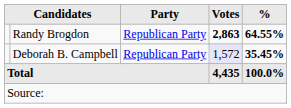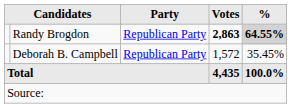 <table class=wikitable style="font-size:95%; text-align:right;">
 <tr>
 <th style="background:#e9e9e9; text-align:center;" colspan="2">Candidates</th>
 <th style="background:#e9e9e9; text-align:center;">Party</th>
 <th style="background:#e9e9e9; text-align:center;">Votes</th>
 <th style="background:#e9e9e9; text-align:center;">%</th>
 </tr>
 <tr>
 <td></td>
 <td align=left>Randy Brogdon</td>
 <td align=center><a href='#'>Republican Party</a></td>
 <td><strong>2,863</strong></td>
-<td><strong>64.55%</strong></td>
+<td style="background: lightgrey;"><strong>64.55%</strong></td>
 </tr>
 <tr>
 <td></td>
 <td align=left>Deborah B. Campbell</td>
 <td align=center><a href='#'>Republican Party</a></td>
-<td style="background: lavender;">1,572</td>
-<td><strong>35.45%</strong></td>
+<td>1,572</td>
+<td>35.45%</td>
 </tr>
 <tr style="background:#e9e9e9;">
 <td colspan="3" style="text-align:left; "><strong>Total</strong></td>
 <td><strong>4,435</strong></td>
 <td><strong>100.0%</strong></td>
 </tr>
 <tr>
 <td style="text-align:left;" colspan="6">Source: </td>
 </tr>
 </table>
